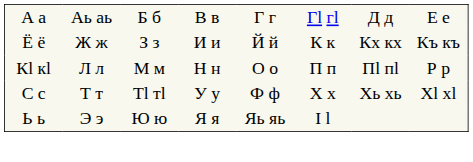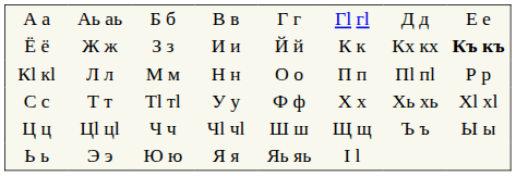 <table style="font-family:Arial Unicode MS; font-size:1.4em; border-color:#000000; border-width:1px; border-style:solid; border-collapse:collapse; background-color:#F8F8EF">
 <tr>
 <td style="width:3em; text-align:center; padding: 3px;">А а</td>
 <td style="width:3em; text-align:center; padding: 3px;">Аь аь</td>
 <td style="width:3em; text-align:center; padding: 3px;">Б б</td>
 <td style="width:3em; text-align:center; padding: 3px;">В в</td>
 <td style="width:3em; text-align:center; padding: 3px;">Г г</td>
 <td style="width:3em; text-align:center; padding: 3px;"><a href='#'>Гӏ</a> <a href='#'>гӏ</a></td>
 <td style="width:3em; text-align:center; padding: 3px;">Д д</td>
 <td style="width:3em; text-align:center; padding: 3px;">Е е</td>
 </tr>
 <tr>
 <td style="width:3em; text-align:center; padding: 3px;">Ё ё</td>
 <td style="width:3em; text-align:center; padding: 3px;">Ж ж</td>
 <td style="width:3em; text-align:center; padding: 3px;">З з</td>
 <td style="width:3em; text-align:center; padding: 3px;">И и</td>
 <td style="width:3em; text-align:center; padding: 3px;">Й й</td>
 <td style="width:3em; text-align:center; padding: 3px;">К к</td>
 <td style="width:3em; text-align:center; padding: 3px;">Кх кх</td>
-<td style="width:3em; text-align:center; padding: 3px;">Къ къ</td>
+<td style="width:3em; text-align:center; padding: 3px;"><strong>Къ къ</strong></td>
 </tr>
 <tr>
 <td style="width:3em; text-align:center; padding: 3px;">Кӏ кӏ</td>
 <td style="width:3em; text-align:center; padding: 3px;">Л л</td>
 <td style="width:3em; text-align:center; padding: 3px;">М м</td>
 <td style="width:3em; text-align:center; padding: 3px;">Н н</td>
 <td style="width:3em; text-align:center; padding: 3px;">О о</td>
 <td style="width:3em; text-align:center; padding: 3px;">П п</td>
 <td style="width:3em; text-align:center; padding: 3px;">Пӏ пӏ</td>
 <td style="width:3em; text-align:center; padding: 3px;">Р р</td>
 </tr>
 <tr>
 <td style="width:3em; text-align:center; padding: 3px;">С с</td>
 <td style="width:3em; text-align:center; padding: 3px;">Т т</td>
 <td style="width:3em; text-align:center; padding: 3px;">Тӏ тӏ</td>
 <td style="width:3em; text-align:center; padding: 3px;">У у</td>
 <td style="width:3em; text-align:center; padding: 3px;">Ф ф</td>
 <td style="width:3em; text-align:center; padding: 3px;">Х х</td>
 <td style="width:3em; text-align:center; padding: 3px;">Хь хь</td>
 <td style="width:3em; text-align:center; padding: 3px;">Хӏ хӏ</td>
 </tr>
 <tr>
+<td style="width:3em; text-align:center; padding: 3px;">Ц ц</td>
+<td style="width:3em; text-align:center; padding: 3px;">Цӏ цӏ</td>
+<td style="width:3em; text-align:center; padding: 3px;">Ч ч</td>
+<td style="width:3em; text-align:center; padding: 3px;">Чӏ чӏ</td>
+<td style="width:3em; text-align:center; padding: 3px;">Ш ш</td>
+<td style="width:3em; text-align:center; padding: 3px;">Щ щ</td>
+<td style="width:3em; text-align:center; padding: 3px;">Ъ ъ</td>
+<td style="width:3em; text-align:center; padding: 3px;">Ы ы</td>
+</tr>
+<tr>
 <td style="width:3em; text-align:center; padding: 3px;">Ь ь</td>
 <td style="width:3em; text-align:center; padding: 3px;">Э э</td>
 <td style="width:3em; text-align:center; padding: 3px;">Ю ю</td>
 <td style="width:3em; text-align:center; padding: 3px;">Я я</td>
 <td style="width:3em; text-align:center; padding: 3px;">Яь яь</td>
 <td style="width:3em; text-align:center; padding: 3px;">Ӏ ӏ</td>
 <td></td>
 <td></td>
 </tr>
 </table>
